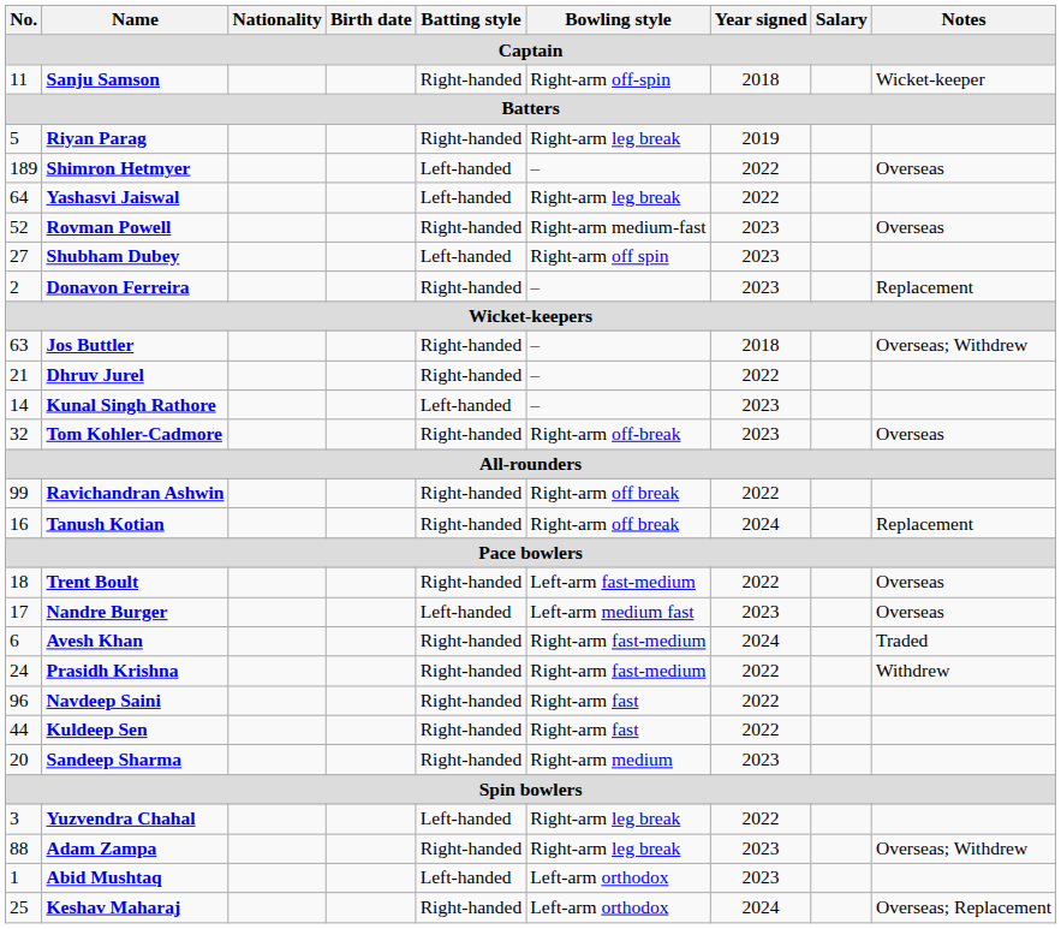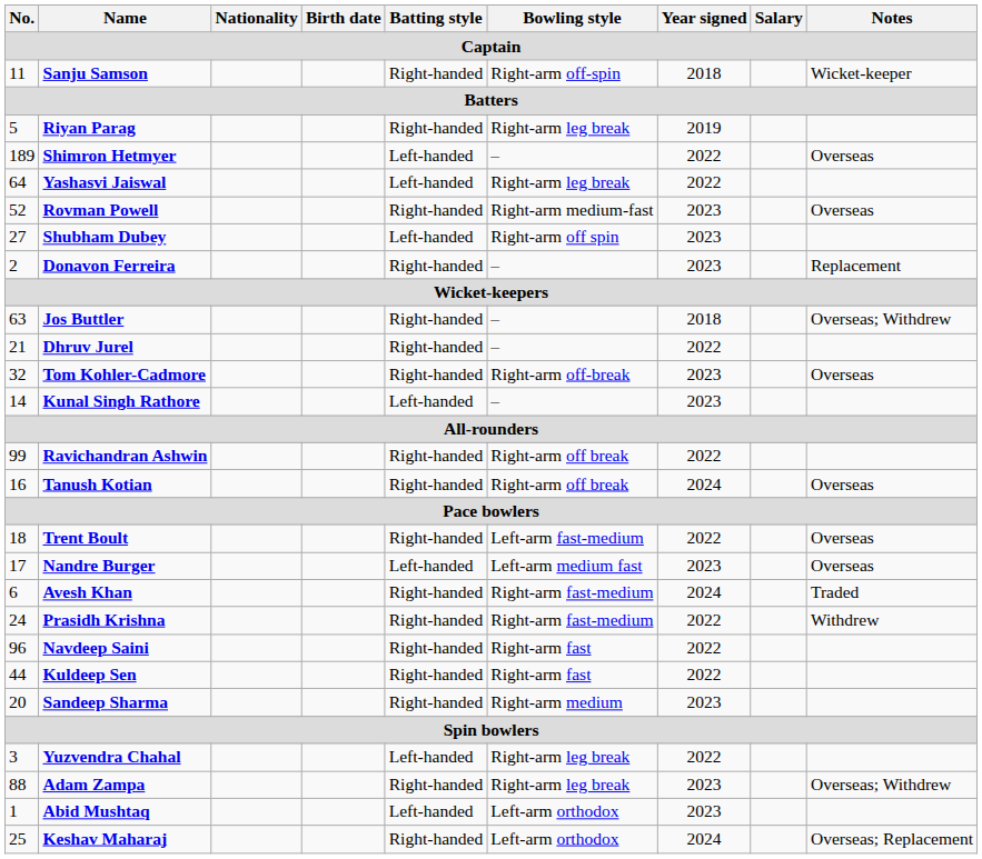 <table class="wikitable">
 <tr>
 <th>No.</th>
 <th>Name</th>
 <th>Nationality</th>
 <th>Birth date</th>
 <th>Batting style</th>
 <th>Bowling style</th>
 <th>Year signed</th>
 <th>Salary</th>
 <th>Notes</th>
 </tr>
 <tr>
 <th colspan="9"  style="background:#dcdcdc; text-align:center;">Captain</th>
 </tr>
 <tr>
 <td>11</td>
 <td><strong><a href='#'>Sanju Samson</a></strong></td>
 <td></td>
 <td></td>
 <td>Right-handed</td>
 <td>Right-arm <a href='#'>off-spin</a></td>
 <td style="text-align:center;">2018</td>
 <td style="text-align:right;"></td>
 <td>Wicket-keeper</td>
 </tr>
 <tr>
 <th colspan="9"  style="background:#dcdcdc; text-align:center;">Batters</th>
 </tr>
 <tr>
 <td>5</td>
 <td><strong><a href='#'>Riyan Parag</a></strong></td>
 <td></td>
 <td></td>
 <td>Right-handed</td>
 <td>Right-arm <a href='#'>leg break</a></td>
 <td style="text-align:center;">2019</td>
 <td style="text-align:right;"></td>
 <td></td>
 </tr>
 <tr>
 <td>189</td>
 <td><strong><a href='#'>Shimron Hetmyer</a></strong></td>
 <td></td>
 <td></td>
 <td>Left-handed</td>
 <td>–</td>
 <td style="text-align:center;">2022</td>
 <td style="text-align:right;"></td>
 <td>Overseas</td>
 </tr>
 <tr>
 <td>64</td>
 <td><strong><a href='#'>Yashasvi Jaiswal</a></strong></td>
 <td></td>
 <td></td>
 <td>Left-handed</td>
 <td>Right-arm <a href='#'>leg break</a></td>
 <td style="text-align:center;">2022</td>
 <td style="text-align:right;"></td>
 <td></td>
 </tr>
 <tr>
 <td>52</td>
 <td><strong><a href='#'>Rovman Powell</a></strong></td>
 <td></td>
 <td></td>
 <td>Right-handed</td>
 <td>Right-arm medium-fast</td>
 <td style="text-align:center;">2023</td>
 <td style="text-align:right;"></td>
 <td>Overseas</td>
 </tr>
 <tr>
 <td>27</td>
 <td><strong><a href='#'>Shubham Dubey</a></strong></td>
 <td></td>
 <td></td>
 <td>Left-handed</td>
 <td>Right-arm <a href='#'>off spin</a></td>
 <td style="text-align:center;">2023</td>
 <td style="text-align:right;"></td>
 <td></td>
 </tr>
 <tr>
 <td>2</td>
 <td><strong> <a href='#'>Donavon Ferreira</a></strong></td>
 <td></td>
 <td></td>
 <td>Right-handed</td>
 <td>–</td>
 <td style="text-align:center;">2023</td>
 <td style="text-align:right;"></td>
 <td>Replacement</td>
 </tr>
 <tr>
 <th colspan="9"  style="background:#dcdcdc; text-align:center;">Wicket-keepers</th>
 </tr>
 <tr>
 <td>63</td>
 <td><strong><a href='#'>Jos Buttler</a></strong></td>
 <td></td>
 <td></td>
 <td>Right-handed</td>
 <td>–</td>
 <td style="text-align:center;">2018</td>
 <td style="text-align:right;"></td>
 <td>Overseas; Withdrew</td>
 </tr>
 <tr>
 <td>21</td>
 <td><strong><a href='#'>Dhruv Jurel</a></strong></td>
 <td></td>
 <td></td>
 <td>Right-handed</td>
 <td>–</td>
 <td style="text-align:center;">2022</td>
 <td style="text-align:right;"></td>
 <td></td>
 </tr>
 <tr>
+<td>32</td>
+<td><strong><a href='#'>Tom Kohler-Cadmore</a></strong></td>
+<td></td>
+<td></td>
+<td>Right-handed</td>
+<td>Right-arm <a href='#'>off-break</a></td>
+<td style="text-align:center;">2023</td>
+<td style="text-align:right;"></td>
+<td>Overseas</td>
+</tr>
+<tr>
 <td>14</td>
 <td><strong><a href='#'>Kunal Singh Rathore</a></strong></td>
 <td></td>
 <td></td>
 <td>Left-handed</td>
 <td>–</td>
 <td style="text-align:center;">2023</td>
 <td style="text-align:right;"></td>
 <td></td>
-</tr>
-<tr>
-<td>32</td>
-<td><strong><a href='#'>Tom Kohler-Cadmore</a></strong></td>
-<td></td>
-<td></td>
-<td>Right-handed</td>
-<td>Right-arm <a href='#'>off-break</a></td>
-<td style="text-align:center;">2023</td>
-<td style="text-align:right;"></td>
-<td>Overseas</td>
 </tr>
 <tr>
 <th colspan="9"  style="background:#dcdcdc; text-align:center;">All-rounders</th>
 </tr>
 <tr>
 <td>99</td>
 <td><strong><a href='#'>Ravichandran Ashwin</a></strong></td>
 <td></td>
 <td></td>
 <td>Right-handed</td>
 <td>Right-arm <a href='#'>off break</a></td>
 <td style="text-align:center;">2022</td>
 <td style="text-align:right;"></td>
 <td></td>
 </tr>
 <tr>
 <td>16</td>
 <td><strong><a href='#'>Tanush Kotian</a></strong></td>
 <td></td>
 <td></td>
 <td>Right-handed</td>
 <td>Right-arm <a href='#'>off break</a></td>
 <td style="text-align:center;">2024</td>
 <td style="text-align:right;"></td>
-<td>Replacement</td>
+<td>Overseas</td>
 </tr>
 <tr>
 <th colspan="9"  style="background:#dcdcdc; text-align:center;">Pace bowlers</th>
 </tr>
 <tr>
 <td>18</td>
 <td><strong><a href='#'>Trent Boult</a></strong></td>
 <td></td>
 <td></td>
 <td>Right-handed</td>
 <td>Left-arm <a href='#'>fast-medium</a></td>
 <td style="text-align:center;">2022</td>
 <td style="text-align:right;"></td>
 <td>Overseas</td>
 </tr>
 <tr>
 <td>17</td>
 <td><strong><a href='#'>Nandre Burger</a></strong></td>
 <td></td>
 <td></td>
 <td>Left-handed</td>
 <td>Left-arm <a href='#'>medium fast</a></td>
 <td style="text-align:center;">2023</td>
 <td style="text-align:right;"></td>
 <td>Overseas</td>
 </tr>
 <tr>
 <td>6</td>
 <td><strong><a href='#'>Avesh Khan</a></strong></td>
 <td></td>
 <td></td>
 <td>Right-handed</td>
 <td>Right-arm <a href='#'>fast-medium</a></td>
 <td style="text-align:center;">2024</td>
 <td style="text-align:right;"></td>
 <td>Traded</td>
 </tr>
 <tr>
 <td>24</td>
 <td><strong><a href='#'>Prasidh Krishna</a></strong></td>
 <td></td>
 <td></td>
 <td>Right-handed</td>
 <td>Right-arm <a href='#'>fast-medium</a></td>
 <td style="text-align:center;">2022</td>
 <td style="text-align:right;"></td>
 <td>Withdrew</td>
 </tr>
 <tr>
 <td>96</td>
 <td><strong><a href='#'>Navdeep Saini</a></strong></td>
 <td></td>
 <td></td>
 <td>Right-handed</td>
 <td>Right-arm <a href='#'>fast</a></td>
 <td style="text-align:center;">2022</td>
 <td style="text-align:right;"></td>
 <td></td>
 </tr>
 <tr>
 <td>44</td>
 <td><strong><a href='#'>Kuldeep Sen</a></strong></td>
 <td></td>
 <td></td>
 <td>Right-handed</td>
 <td>Right-arm <a href='#'>fast</a></td>
 <td style="text-align:center;">2022</td>
 <td style="text-align:right;"></td>
 <td></td>
 </tr>
 <tr>
 <td>20</td>
 <td><strong><a href='#'>Sandeep Sharma</a></strong></td>
 <td></td>
 <td></td>
 <td>Right-handed</td>
 <td>Right-arm <a href='#'>medium</a></td>
 <td style="text-align:center;">2023</td>
 <td style="text-align:center;"></td>
 <td></td>
 </tr>
 <tr>
 <th colspan="9"  style="background:#dcdcdc; text-align:center;">Spin bowlers</th>
 </tr>
 <tr>
 <td>3</td>
 <td><strong><a href='#'>Yuzvendra Chahal</a></strong></td>
 <td></td>
 <td></td>
 <td>Left-handed</td>
 <td>Right-arm <a href='#'>leg break</a></td>
 <td style="text-align:center;">2022</td>
 <td style="text-align:right;"></td>
 <td></td>
 </tr>
 <tr>
 <td>88</td>
 <td><strong><a href='#'>Adam Zampa</a></strong></td>
 <td></td>
 <td></td>
 <td>Right-handed</td>
 <td>Right-arm <a href='#'>leg break</a></td>
 <td style="text-align:center;">2023</td>
 <td style="text-align:right;"></td>
 <td>Overseas; Withdrew</td>
 </tr>
 <tr>
 <td>1</td>
 <td><strong><a href='#'>Abid Mushtaq</a></strong></td>
 <td></td>
 <td></td>
 <td>Left-handed</td>
 <td>Left-arm <a href='#'>orthodox</a></td>
 <td style="text-align:center;">2023</td>
 <td style="text-align:right;"></td>
 <td></td>
 </tr>
 <tr>
 <td>25</td>
 <td><strong><a href='#'>Keshav Maharaj</a></strong></td>
 <td></td>
 <td></td>
 <td>Right-handed</td>
 <td>Left-arm <a href='#'>orthodox</a></td>
 <td style="text-align:center;">2024</td>
 <td style="text-align:right;"></td>
 <td>Overseas; Replacement</td>
 </tr>
 </table>
